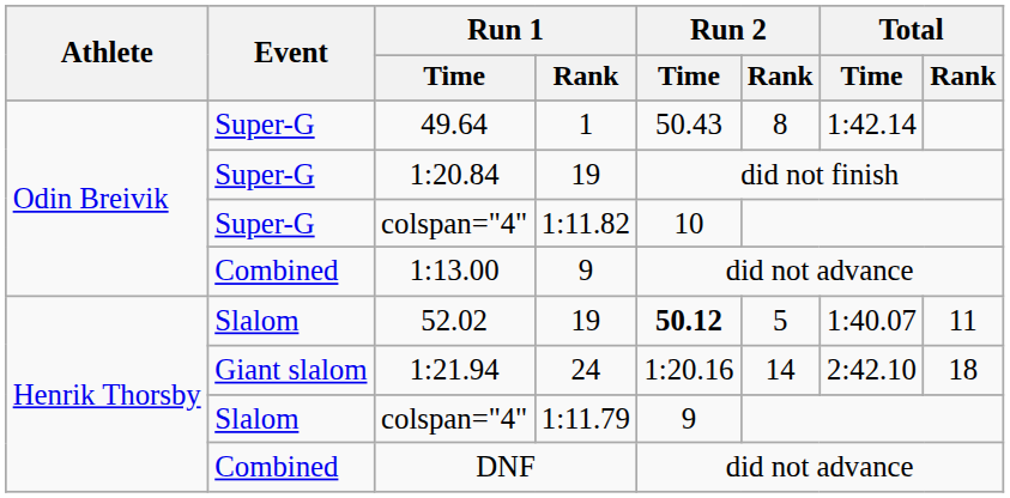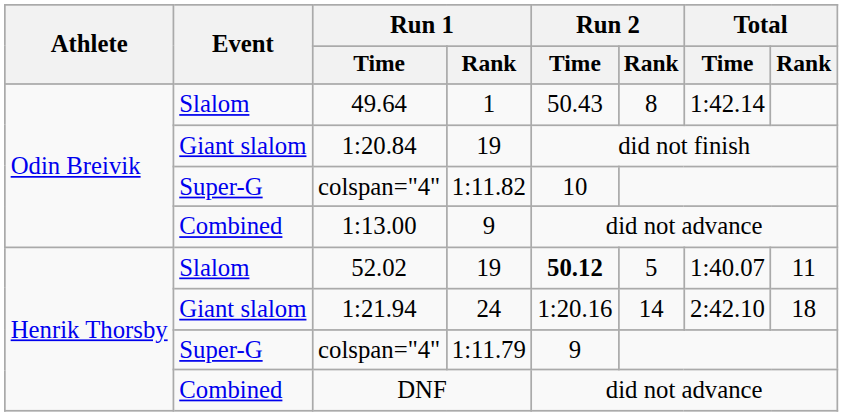 <table class="wikitable" style="font-size:90%">
 <tr>
 <th rowspan=2>Athlete</th>
 <th rowspan=2>Event</th>
 <th colspan=2>Run 1</th>
 <th colspan=2>Run 2</th>
 <th colspan=2>Total</th>
 </tr>
 <tr style="font-size:95%">
 <th>Time</th>
 <th>Rank</th>
 <th>Time</th>
 <th>Rank</th>
 <th>Time</th>
 <th>Rank</th>
 </tr>
 <tr align=center>
 <td align="left" rowspan="4"><a href='#'>Odin Breivik</a></td>
-<td align="left"><a href='#'>Super-G</a></td>
+<td align="left"><a href='#'>Slalom</a></td>
 <td>49.64</td>
 <td>1</td>
 <td>50.43</td>
 <td>8</td>
 <td>1:42.14</td>
 <td></td>
 </tr>
 <tr align=center>
-<td align="left"><a href='#'>Super-G</a></td>
+<td align="left"><a href='#'>Giant slalom</a></td>
 <td>1:20.84</td>
 <td>19</td>
 <td colspan=4>did not finish</td>
 </tr>
 <tr align=center>
 <td align="left"><a href='#'>Super-G</a></td>
 <td>colspan="4" </td>
 <td>1:11.82</td>
 <td>10</td>
 </tr>
 <tr align=center>
 <td align="left"><a href='#'>Combined</a></td>
 <td>1:13.00</td>
 <td>9</td>
 <td colspan=4>did not advance</td>
 </tr>
 <tr align=center>
 <td align="left" rowspan="4"><a href='#'>Henrik Thorsby</a></td>
 <td align="left"><a href='#'>Slalom</a></td>
 <td>52.02</td>
 <td>19</td>
 <td><strong>50.12</strong></td>
 <td>5</td>
 <td>1:40.07</td>
 <td>11</td>
 </tr>
 <tr align=center>
 <td align="left"><a href='#'>Giant slalom</a></td>
 <td>1:21.94</td>
 <td>24</td>
 <td>1:20.16</td>
 <td>14</td>
 <td>2:42.10</td>
 <td>18</td>
 </tr>
 <tr align=center>
-<td align="left"><a href='#'>Slalom</a></td>
+<td align="left"><a href='#'>Super-G</a></td>
 <td>colspan="4" </td>
 <td>1:11.79</td>
 <td>9</td>
 </tr>
 <tr align=center>
 <td align="left"><a href='#'>Combined</a></td>
 <td colspan=2>DNF</td>
 <td colspan=4>did not advance</td>
 </tr>
 </table>
